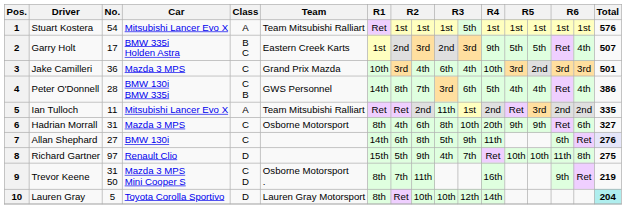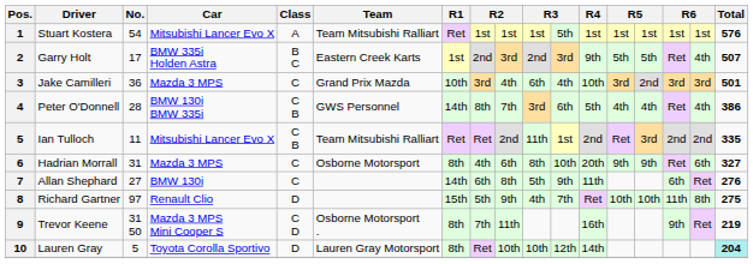 <table class="wikitable" style="font-size:90%;">
 <tr style="font-weight:bold">
 <th>Pos.</th>
 <th>Driver</th>
 <th>No.</th>
 <th>Car</th>
 <th>Class</th>
 <th>Team</th>
 <th>R1</th>
 <th colspan=2>R2</th>
 <th colspan=2>R3</th>
 <th>R4</th>
 <th colspan=2>R5</th>
 <th colspan=2>R6</th>
 <th>Total</th>
 </tr>
 <tr>
 <th>1</th>
 <td>Stuart Kostera</td>
 <td align="center">54</td>
 <td><a href='#'>Mitsubishi Lancer Evo X</a></td>
 <td align="center">A</td>
 <td>Team Mitsubishi Ralliart</td>
 <td align="center" style="background:#efcfff;">Ret</td>
 <td align="center" style="background:#ffffbf;">1st</td>
 <td align="center" style="background:#ffffbf;">1st</td>
 <td align="center" style="background:#ffffbf;">1st</td>
 <td align="center" style="background:#dfffdf;">5th</td>
 <td align="center" style="background:#ffffbf;">1st</td>
 <td align="center" style="background:#ffffbf;">1st</td>
 <td align="center" style="background:#ffffbf;">1st</td>
 <td align="center" style="background:#ffffbf;">1st</td>
 <td align="center" style="background:#ffffbf;">1st</td>
 <td align="center"><strong>576</strong></td>
 </tr>
 <tr>
 <th>2</th>
 <td>Garry Holt</td>
 <td align="center">17</td>
 <td><a href='#'>BMW 335i</a><br><a href='#'>Holden Astra</a></td>
 <td align="center">B<br> C</td>
 <td>Eastern Creek Karts</td>
 <td align="center" style="background:#ffffbf;">1st</td>
 <td align="center" style="background:#dfdfdf;">2nd</td>
 <td align="center" style="background:#ffdf9f;">3rd</td>
 <td align="center" style="background:#dfdfdf;">2nd</td>
 <td align="center" style="background:#ffdf9f;">3rd</td>
 <td align="center" style="background:#dfffdf;">9th</td>
 <td align="center" style="background:#dfffdf;">5th</td>
 <td align="center" style="background:#dfffdf;">5th</td>
 <td align="center" style="background:#efcfff;">Ret</td>
 <td align="center" style="background:#dfffdf;">4th</td>
 <td align="center"><strong>507</strong></td>
 </tr>
 <tr>
 <th>3</th>
 <td>Jake Camilleri</td>
 <td align="center">36</td>
 <td><a href='#'>Mazda 3 MPS</a></td>
 <td align="center">C</td>
 <td>Grand Prix Mazda</td>
 <td align="center" style="background:#dfffdf;">10th</td>
 <td align="center" style="background:#ffdf9f;">3rd</td>
 <td align="center" style="background:#dfffdf;">4th</td>
 <td align="center" style="background:#dfffdf;">6th</td>
 <td align="center" style="background:#dfffdf;">4th</td>
 <td align="center" style="background:#dfffdf;">10th</td>
 <td align="center" style="background:#ffdf9f;">3rd</td>
 <td align="center" style="background:#dfdfdf;">2nd</td>
 <td align="center" style="background:#ffdf9f;">3rd</td>
 <td align="center" style="background:#ffdf9f;">3rd</td>
 <td align="center"><strong>501</strong></td>
 </tr>
 <tr>
 <th>4</th>
 <td>Peter O'Donnell</td>
 <td align="center">28</td>
 <td><a href='#'>BMW 130i</a><br><a href='#'>BMW 335i</a></td>
 <td align="center">C<br> B</td>
 <td>GWS Personnel</td>
 <td align="center" style="background:#dfffdf;">14th</td>
 <td align="center" style="background:#dfffdf;">8th</td>
 <td align="center" style="background:#dfffdf;">7th</td>
 <td align="center" style="background:#ffdf9f;">3rd</td>
 <td align="center" style="background:#dfffdf;">6th</td>
 <td align="center" style="background:#dfffdf;">5th</td>
 <td align="center" style="background:#dfffdf;">4th</td>
 <td align="center" style="background:#dfffdf;">4th</td>
 <td align="center" style="background:#efcfff;">Ret</td>
 <td align="center" style="background:#dfffdf;">4th</td>
 <td align="center"><strong>386</strong></td>
 </tr>
 <tr>
 <th>5</th>
 <td>Ian Tulloch</td>
 <td align="center">11</td>
 <td><a href='#'>Mitsubishi Lancer Evo X</a></td>
-<td align="center">A</td>
+<td align="center">C<br> B</td>
 <td>Team Mitsubishi Ralliart</td>
 <td align="center" style="background:#efcfff;">Ret</td>
 <td align="center" style="background:#efcfff;">Ret</td>
 <td align="center" style="background:#dfdfdf;">2nd</td>
 <td align="center" style="background:#dfffdf;">11th</td>
 <td align="center" style="background:#ffffbf;">1st</td>
 <td align="center" style="background:#dfdfdf;">2nd</td>
 <td align="center" style="background:#efcfff;">Ret</td>
 <td align="center" style="background:#ffdf9f;">3rd</td>
 <td align="center" style="background:#dfdfdf;">2nd</td>
 <td align="center" style="background:#dfdfdf;">2nd</td>
 <td align="center"><strong>335</strong></td>
 </tr>
 <tr>
 <th>6</th>
 <td>Hadrian Morrall</td>
 <td align="center">31</td>
 <td><a href='#'>Mazda 3 MPS</a></td>
 <td align="center">C</td>
 <td>Osborne Motorsport</td>
 <td align="center" style="background:#dfffdf;">8th</td>
 <td align="center" style="background:#dfffdf;">4th</td>
 <td align="center" style="background:#dfffdf;">6th</td>
 <td align="center" style="background:#dfffdf;">8th</td>
 <td align="center" style="background:#dfffdf;">10th</td>
 <td align="center" style="background:#dfffdf;">20th</td>
 <td align="center" style="background:#dfffdf;">9th</td>
 <td align="center" style="background:#dfffdf;">9th</td>
 <td align="center" style="background:#efcfff;">Ret</td>
 <td align="center" style="background:#dfffdf;">6th</td>
 <td align="center"><strong>327</strong></td>
 </tr>
 <tr>
 <th>7</th>
 <td>Allan Shephard</td>
 <td align="center">27</td>
 <td><a href='#'>BMW 130i</a></td>
 <td align="center">C</td>
 <td></td>
 <td align="center" style="background:#dfffdf;">14th</td>
 <td align="center" style="background:#dfffdf;">6th</td>
 <td align="center" style="background:#dfffdf;">8th</td>
 <td align="center" style="background:#dfffdf;">5th</td>
 <td align="center" style="background:#dfffdf;">9th</td>
 <td align="center" style="background:#dfffdf;">11th</td>
 <td></td>
 <td></td>
 <td align="center" style="background:#dfffdf;">6th</td>
 <td align="center" style="background:#efcfff;">Ret</td>
-<td align="center" style="background: lavender;"><strong>276</strong></td>
+<td align="center"><strong>276</strong></td>
 </tr>
 <tr>
 <th>8</th>
 <td>Richard Gartner</td>
 <td align="center">97</td>
 <td><a href='#'>Renault Clio</a></td>
 <td align="center">D</td>
 <td></td>
 <td align="center" style="background:#dfffdf;">15th</td>
 <td align="center" style="background:#dfffdf;">5th</td>
 <td align="center" style="background:#dfffdf;">9th</td>
 <td align="center" style="background:#dfffdf;">4th</td>
 <td align="center" style="background:#dfffdf;">7th</td>
 <td align="center" style="background:#efcfff;">Ret</td>
 <td align="center" style="background:#dfffdf;">10th</td>
 <td align="center" style="background:#dfffdf;">10th</td>
 <td align="center" style="background:#dfffdf;">11th</td>
 <td align="center" style="background:#dfffdf;">8th</td>
 <td align="center"><strong>275</strong></td>
 </tr>
 <tr>
 <th>9</th>
 <td>Trevor Keene</td>
 <td align="center">31<br> 50</td>
 <td><a href='#'>Mazda 3 MPS</a><br> <a href='#'>Mini Cooper S</a></td>
 <td align="center">C<br> D</td>
 <td>Osborne Motorsport<br>.</td>
 <td align="center" style="background:#dfffdf;">8th</td>
 <td align="center" style="background:#dfffdf;">7th</td>
 <td align="center" style="background:#dfffdf;">11th</td>
 <td></td>
 <td></td>
 <td align="center" style="background:#dfffdf;">16th</td>
 <td></td>
 <td></td>
 <td align="center" style="background:#dfffdf;">9th</td>
 <td align="center" style="background:#efcfff;">Ret</td>
 <td align="center"><strong>219</strong></td>
 </tr>
 <tr>
 <th>10</th>
 <td>Lauren Gray</td>
 <td align="center">5</td>
 <td><a href='#'>Toyota Corolla Sportivo</a></td>
 <td align="center">D</td>
 <td>Lauren Gray Motorsport</td>
 <td align="center" style="background:#dfffdf;">8th</td>
 <td align="center" style="background:#efcfff;">Ret</td>
 <td align="center" style="background:#dfffdf;">10th</td>
 <td align="center" style="background:#dfffdf;">10th</td>
 <td align="center" style="background:#dfffdf;">12th</td>
 <td align="center" style="background:#dfffdf;">14th</td>
 <td></td>
 <td></td>
 <td></td>
 <td></td>
 <td align="center" style="background: paleturquoise;"><strong>204</strong></td>
 </tr>
 <tr>
 </tr>
 </table>
